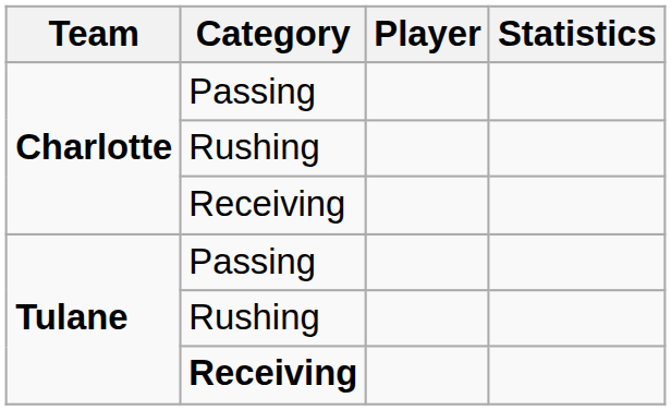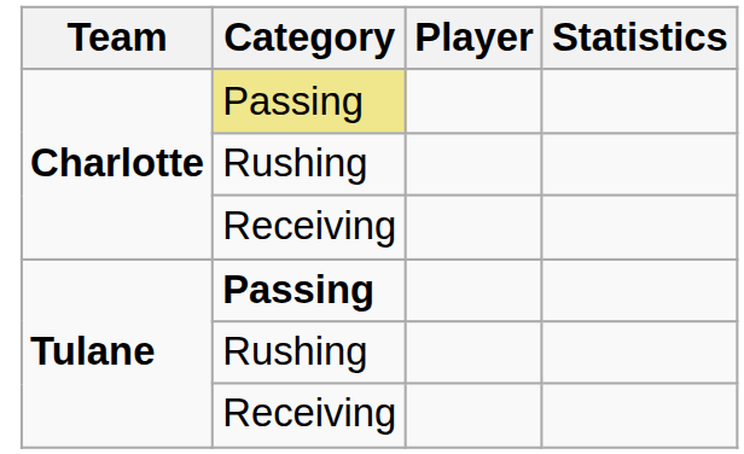 <table class="wikitable" style="float: right;">
 <tr>
 <th>Team</th>
 <th>Category</th>
 <th>Player</th>
 <th>Statistics</th>
 </tr>
 <tr>
 <td rowspan=3><strong>Charlotte</strong></td>
-<td>Passing</td>
+<td style="background: khaki;">Passing</td>
 <td></td>
 <td></td>
 </tr>
 <tr>
 <td>Rushing</td>
 <td></td>
 <td></td>
 </tr>
 <tr>
 <td>Receiving</td>
 <td></td>
 <td></td>
 </tr>
 <tr>
 <td rowspan=3><strong>Tulane</strong></td>
-<td>Passing</td>
+<td><strong>Passing</strong></td>
 <td></td>
 <td></td>
 </tr>
 <tr>
 <td>Rushing</td>
 <td></td>
 <td></td>
 </tr>
 <tr>
-<td><strong>Receiving</strong></td>
+<td>Receiving</td>
 <td></td>
 <td></td>
 </tr>
 </table>
